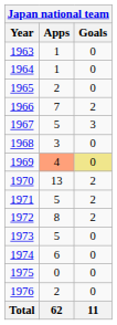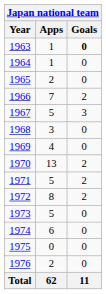 <table class="wikitable" style="text-align:center">
 <tr>
 <th colspan=3><a href='#'>Japan national team</a></th>
 </tr>
 <tr>
 <th>Year</th>
 <th>Apps</th>
 <th>Goals</th>
 </tr>
 <tr>
 <td><a href='#'>1963</a></td>
 <td>1</td>
-<td>0</td>
+<td><strong>0</strong></td>
 </tr>
 <tr>
 <td><a href='#'>1964</a></td>
 <td>1</td>
 <td>0</td>
 </tr>
 <tr>
 <td><a href='#'>1965</a></td>
 <td>2</td>
 <td>0</td>
 </tr>
 <tr>
 <td><a href='#'>1966</a></td>
 <td>7</td>
 <td>2</td>
 </tr>
 <tr>
 <td><a href='#'>1967</a></td>
 <td>5</td>
 <td>3</td>
 </tr>
 <tr>
 <td><a href='#'>1968</a></td>
 <td>3</td>
 <td>0</td>
 </tr>
 <tr>
 <td><a href='#'>1969</a></td>
-<td style="background: lightsalmon;">4</td>
-<td style="background: khaki;">0</td>
+<td>4</td>
+<td>0</td>
 </tr>
 <tr>
 <td><a href='#'>1970</a></td>
 <td>13</td>
 <td>2</td>
 </tr>
 <tr>
 <td><a href='#'>1971</a></td>
 <td>5</td>
 <td>2</td>
 </tr>
 <tr>
 <td><a href='#'>1972</a></td>
 <td>8</td>
 <td>2</td>
 </tr>
 <tr>
 <td><a href='#'>1973</a></td>
 <td>5</td>
 <td>0</td>
 </tr>
 <tr>
 <td><a href='#'>1974</a></td>
 <td>6</td>
 <td>0</td>
 </tr>
 <tr>
 <td><a href='#'>1975</a></td>
 <td>0</td>
 <td>0</td>
 </tr>
 <tr>
 <td><a href='#'>1976</a></td>
 <td>2</td>
 <td>0</td>
 </tr>
 <tr>
 <th>Total</th>
 <th>62</th>
 <th>11</th>
 </tr>
 </table>
